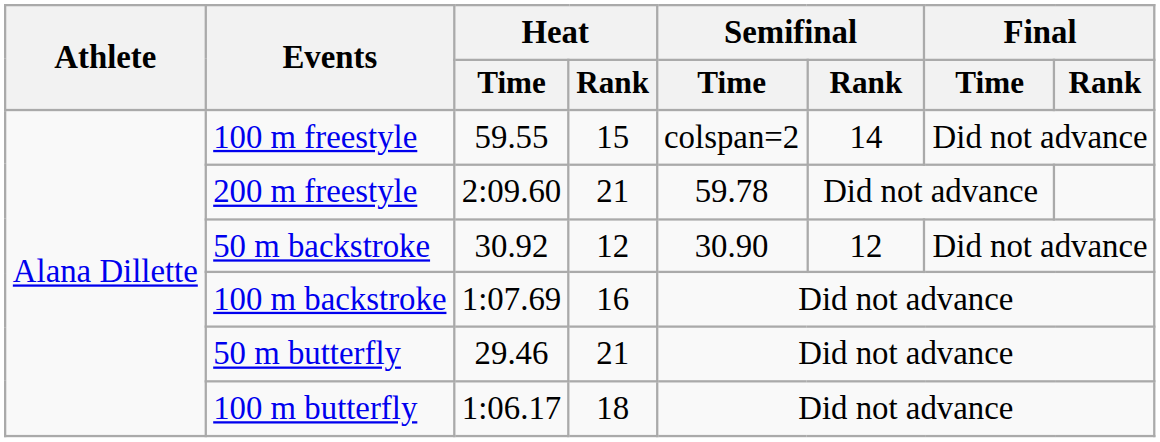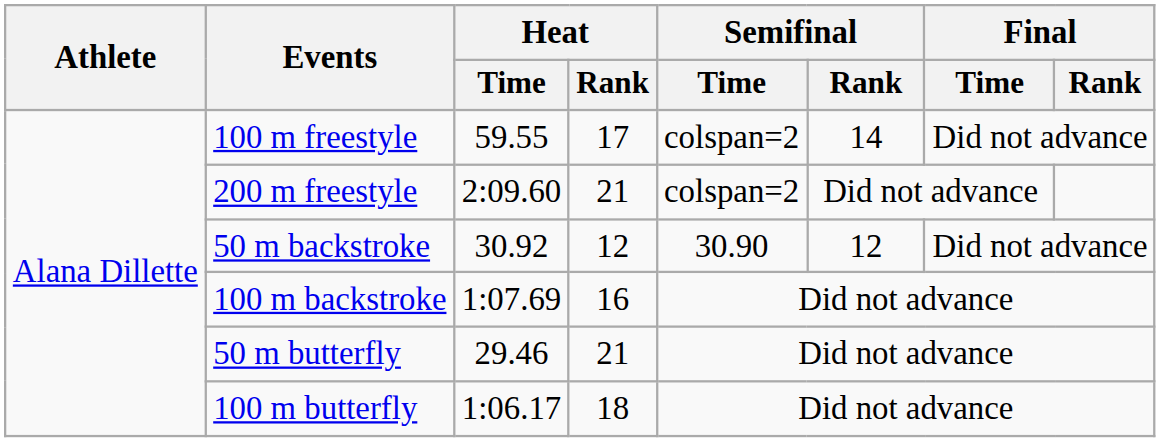 <table class=wikitable style="font-size:90%">
 <tr>
 <th rowspan="2">Athlete</th>
 <th rowspan="2">Events</th>
 <th colspan="2">Heat</th>
 <th colspan="2">Semifinal</th>
 <th colspan="2">Final</th>
 </tr>
 <tr style="font-size:95%">
 <th>Time</th>
 <th>Rank</th>
 <th>Time</th>
 <th>Rank</th>
 <th>Time</th>
 <th>Rank</th>
 </tr>
 <tr>
 <td rowspan="6"><a href='#'>Alana Dillette</a></td>
 <td><a href='#'>100 m freestyle</a></td>
 <td align="center">59.55</td>
-<td align="center">15</td>
+<td align="center">17</td>
 <td>colspan=2 </td>
 <td align="center">14</td>
 <td colspan=2 align="center">Did not advance</td>
 </tr>
 <tr>
 <td><a href='#'>200 m freestyle</a></td>
 <td align="center">2:09.60</td>
 <td align="center">21</td>
-<td align="center">59.78</td>
+<td>colspan=2 </td>
 <td colspan=2 align="center">Did not advance</td>
 </tr>
 <tr>
 <td><a href='#'>50 m backstroke</a></td>
 <td align="center">30.92</td>
 <td align="center">12</td>
 <td align="center">30.90</td>
 <td align="center">12</td>
 <td colspan=4 align="center">Did not advance</td>
 </tr>
 <tr>
 <td><a href='#'>100 m backstroke</a></td>
 <td align="center">1:07.69</td>
 <td align="center">16</td>
 <td colspan=4 align="center">Did not advance</td>
 </tr>
 <tr>
 <td><a href='#'>50 m butterfly</a></td>
 <td align="center">29.46</td>
 <td align="center">21</td>
 <td colspan=4 align="center">Did not advance</td>
 </tr>
 <tr>
 <td><a href='#'>100 m butterfly</a></td>
 <td align="center">1:06.17</td>
 <td align="center">18</td>
 <td colspan=4 align="center">Did not advance</td>
 </tr>
 </table>
